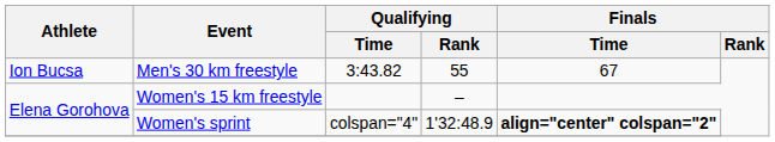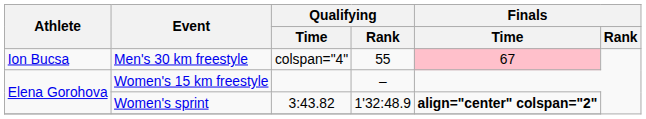 <table class="wikitable" style="font-size:90%">
 <tr>
 <th rowspan="2">Athlete</th>
 <th rowspan="2">Event</th>
 <th colspan="2">Qualifying</th>
 <th colspan="2">Finals</th>
 </tr>
 <tr>
 <th>Time</th>
 <th>Rank</th>
 <th>Time</th>
 <th>Rank</th>
 </tr>
 <tr>
 <td><a href='#'>Ion Bucsa</a></td>
 <td><a href='#'>Men's 30 km freestyle</a></td>
-<td align="center">3:43.82</td>
+<td>colspan="4" </td>
 <td align="center">55</td>
-<td align=center>67</td>
+<td align=center style="background: pink;">67</td>
 </tr>
 <tr>
 <td rowspan="2"><a href='#'>Elena Gorohova</a></td>
 <td><a href='#'>Women's 15 km freestyle</a></td>
 <td align=center></td>
 <td align=center>–</td>
 </tr>
 <tr>
 <td><a href='#'>Women's sprint</a></td>
-<td>colspan="4" </td>
+<td align="center">3:43.82</td>
 <td align=center>1'32:48.9</td>
 <td><strong>align="center" colspan="2" </strong></td>
 </tr>
 <tr>
 </tr>
 </table>
